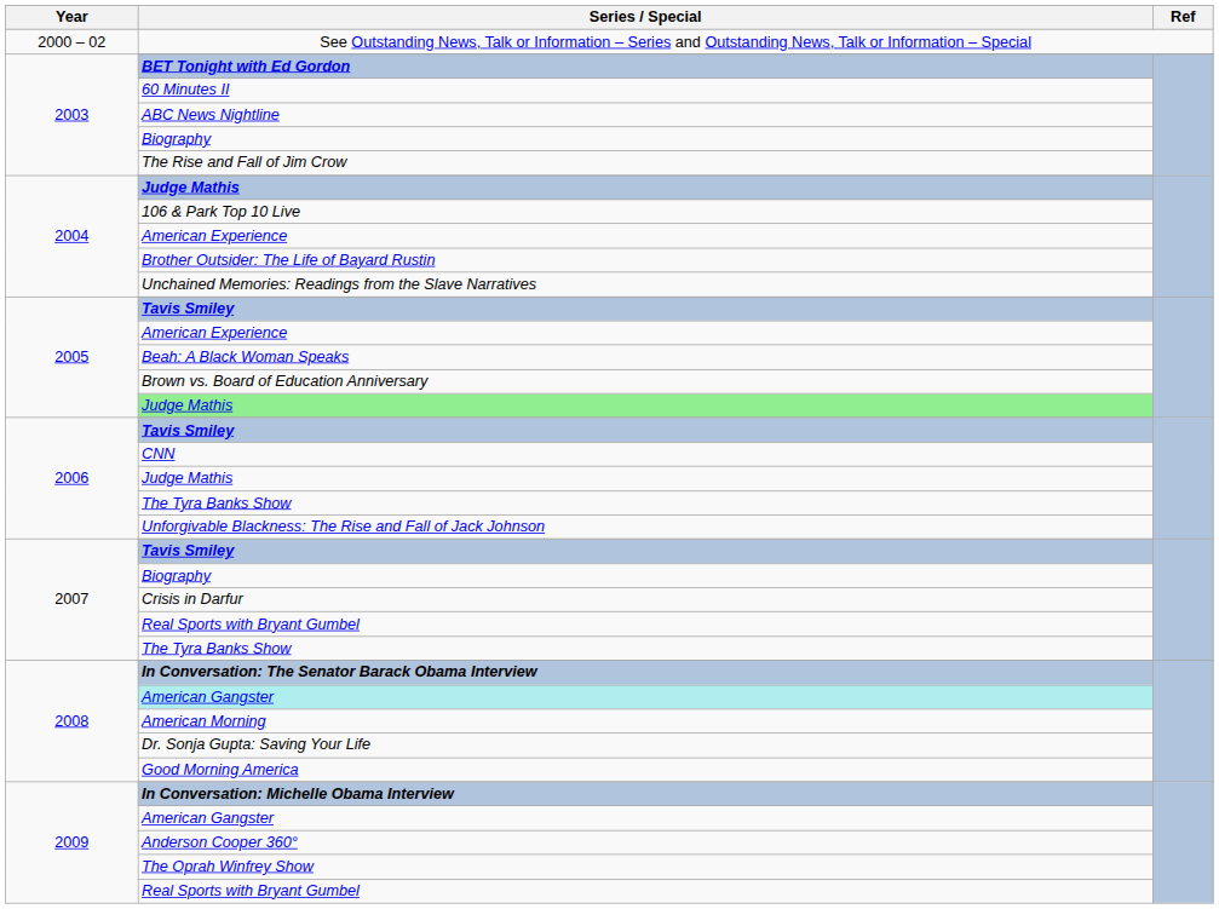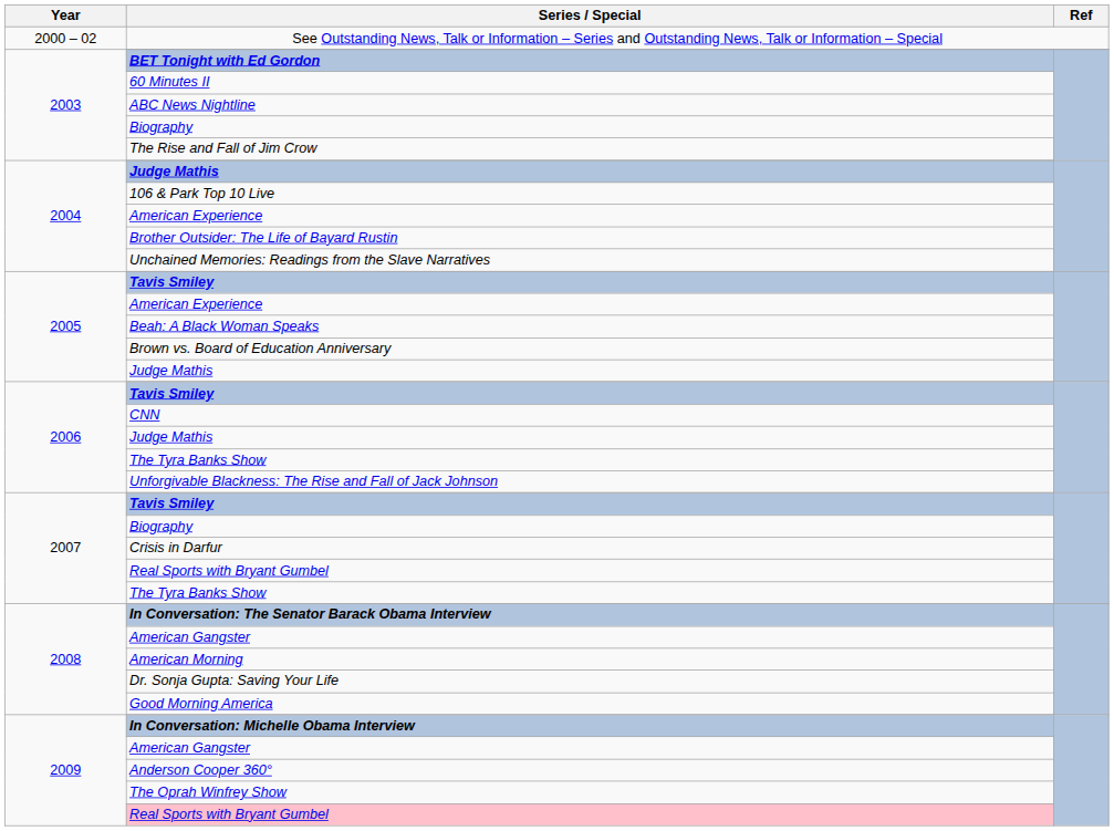 <table class="wikitable" style="width:100%;">
 <tr style="background:#bebebe;">
 <th style="width:11%;">Year</th>
 <th style="width:84%;">Series / Special</th>
 <th style="width:5%;">Ref</th>
 </tr>
 <tr>
 <td align="center">2000 – 02</td>
 <td colspan="2" align="center">See <a href='#'>Outstanding News, Talk or Information – Series</a> and <a href='#'>Outstanding News, Talk or Information – Special</a></td>
 </tr>
 <tr>
 <td rowspan="6" align="center"><a href='#'>2003</a></td>
 </tr>
 <tr style="background:#B0C4DE">
 <td><strong><em><a href='#'>BET Tonight with Ed Gordon</a></em></strong></td>
 <td rowspan="6" align="center"></td>
 </tr>
 <tr>
 <td><em><a href='#'>60 Minutes II</a></em></td>
 </tr>
 <tr>
 <td><em><a href='#'>ABC News Nightline</a></em></td>
 </tr>
 <tr>
 <td><em><a href='#'>Biography</a></em></td>
 </tr>
 <tr>
 <td><em>The Rise and Fall of Jim Crow</em></td>
 </tr>
 <tr>
 <td rowspan="6" align="center"><a href='#'>2004</a></td>
 </tr>
 <tr style="background:#B0C4DE">
 <td><strong><em><a href='#'>Judge Mathis</a></em></strong></td>
 <td rowspan="6" align="center"></td>
 </tr>
 <tr>
 <td><em>106 & Park Top 10 Live</em></td>
 </tr>
 <tr>
 <td><em><a href='#'>American Experience</a></em></td>
 </tr>
 <tr>
 <td><em><a href='#'>Brother Outsider: The Life of Bayard Rustin</a></em></td>
 </tr>
 <tr>
 <td><em>Unchained Memories: Readings from the Slave Narratives</em></td>
 </tr>
 <tr>
 <td rowspan="6" align="center"><a href='#'>2005</a></td>
 </tr>
 <tr style="background:#B0C4DE">
 <td><strong><em><a href='#'>Tavis Smiley</a></em></strong></td>
 <td rowspan="6" align="center"></td>
 </tr>
 <tr>
 <td><em><a href='#'>American Experience</a></em></td>
 </tr>
 <tr>
 <td><em><a href='#'>Beah: A Black Woman Speaks</a></em></td>
 </tr>
 <tr>
 <td><em>Brown vs. Board of Education Anniversary</em></td>
 </tr>
 <tr>
-<td style="background: lightgreen;"><em><a href='#'>Judge Mathis</a></em></td>
+<td><em><a href='#'>Judge Mathis</a></em></td>
 </tr>
 <tr>
 <td rowspan="6" align="center"><a href='#'>2006</a></td>
 </tr>
 <tr style="background:#B0C4DE">
 <td><strong><em><a href='#'>Tavis Smiley</a></em></strong></td>
 <td rowspan="6" align="center"></td>
 </tr>
 <tr>
 <td><em><a href='#'>CNN</a></em></td>
 </tr>
 <tr>
 <td><em><a href='#'>Judge Mathis</a></em></td>
 </tr>
 <tr>
 <td><em><a href='#'>The Tyra Banks Show</a></em></td>
 </tr>
 <tr>
 <td><em><a href='#'>Unforgivable Blackness: The Rise and Fall of Jack Johnson</a></em></td>
 </tr>
 <tr>
 <td rowspan="6" align="center">2007</td>
 </tr>
 <tr style="background:#B0C4DE">
 <td><strong><em><a href='#'>Tavis Smiley</a></em></strong></td>
 <td rowspan="6" align="center"></td>
 </tr>
 <tr>
 <td><em><a href='#'>Biography</a></em></td>
 </tr>
 <tr>
 <td><em>Crisis in Darfur</em></td>
 </tr>
 <tr>
 <td><em><a href='#'>Real Sports with Bryant Gumbel</a></em></td>
 </tr>
 <tr>
 <td><em><a href='#'>The Tyra Banks Show</a></em></td>
 </tr>
 <tr>
 <td rowspan="6" align="center"><a href='#'>2008</a></td>
 </tr>
 <tr style="background:#B0C4DE">
 <td><strong><em>In Conversation: The Senator Barack Obama Interview</em></strong></td>
 <td rowspan="6" align="center"></td>
 </tr>
 <tr>
-<td style="background: paleturquoise;"><em><a href='#'>American Gangster</a></em></td>
+<td><em><a href='#'>American Gangster</a></em></td>
 </tr>
 <tr>
 <td><em><a href='#'>American Morning</a></em></td>
 </tr>
 <tr>
 <td><em>Dr. Sonja Gupta: Saving Your Life</em></td>
 </tr>
 <tr>
 <td><em><a href='#'>Good Morning America</a></em></td>
 </tr>
 <tr>
 <td rowspan="6" align="center"><a href='#'>2009</a></td>
 </tr>
 <tr style="background:#B0C4DE">
 <td><strong><em>In Conversation: Michelle Obama Interview</em></strong></td>
 <td rowspan="6" align="center"></td>
 </tr>
 <tr>
 <td><em><a href='#'>American Gangster</a></em></td>
 </tr>
 <tr>
 <td><em><a href='#'>Anderson Cooper 360°</a></em></td>
 </tr>
 <tr>
 <td><em><a href='#'>The Oprah Winfrey Show</a></em></td>
 </tr>
 <tr>
-<td><em><a href='#'>Real Sports with Bryant Gumbel</a></em></td>
+<td style="background: pink;"><em><a href='#'>Real Sports with Bryant Gumbel</a></em></td>
 </tr>
 </table>
